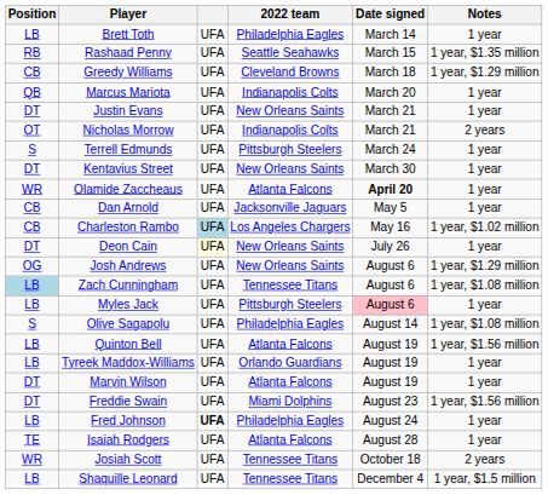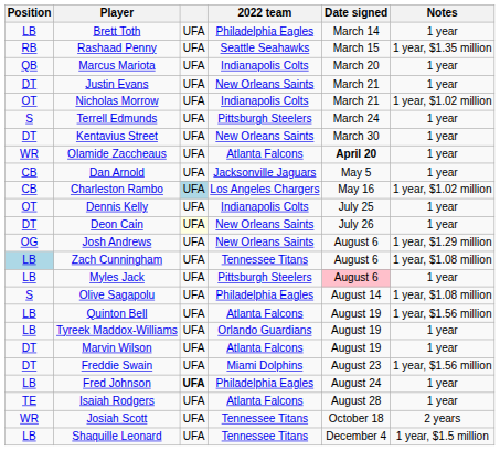 <table class="wikitable" style="text-align:center">
 <tr>
 <th>Position</th>
 <th>Player</th>
 <th></th>
 <th>2022 team</th>
 <th>Date signed</th>
 <th>Notes</th>
 </tr>
 <tr>
 <td><a href='#'>LB</a></td>
 <td><a href='#'>Brett Toth</a></td>
 <td>UFA</td>
 <td><a href='#'>Philadelphia Eagles</a></td>
 <td>March 14</td>
 <td>1 year</td>
 </tr>
 <tr>
 <td><a href='#'>RB</a></td>
 <td><a href='#'>Rashaad Penny</a></td>
 <td>UFA</td>
 <td><a href='#'>Seattle Seahawks</a></td>
 <td>March 15</td>
 <td>1 year, $1.35 million</td>
 </tr>
 <tr>
-<td><a href='#'>CB</a></td>
-<td><a href='#'>Greedy Williams</a></td>
-<td>UFA</td>
-<td><a href='#'>Cleveland Browns</a></td>
-<td>March 18</td>
-<td>1 year, $1.29 million</td>
-</tr>
-<tr>
 <td><a href='#'>QB</a></td>
 <td><a href='#'>Marcus Mariota</a></td>
 <td>UFA</td>
 <td><a href='#'>Indianapolis Colts</a></td>
 <td>March 20</td>
 <td>1 year</td>
 </tr>
 <tr>
 <td><a href='#'>DT</a></td>
 <td><a href='#'>Justin Evans</a></td>
 <td>UFA</td>
 <td><a href='#'>New Orleans Saints</a></td>
 <td>March 21</td>
 <td>1 year</td>
 </tr>
 <tr>
 <td><a href='#'>OT</a></td>
 <td><a href='#'>Nicholas Morrow</a></td>
 <td>UFA</td>
 <td><a href='#'>Indianapolis Colts</a></td>
 <td>March 21</td>
-<td>2 years</td>
+<td>1 year, $1.02 million</td>
 </tr>
 <tr>
 <td><a href='#'>S</a></td>
 <td><a href='#'>Terrell Edmunds</a></td>
 <td>UFA</td>
 <td><a href='#'>Pittsburgh Steelers</a></td>
 <td>March 24</td>
 <td>1 year</td>
 </tr>
 <tr>
 <td><a href='#'>DT</a></td>
 <td><a href='#'>Kentavius Street</a></td>
 <td>UFA</td>
 <td><a href='#'>New Orleans Saints</a></td>
 <td>March 30</td>
 <td>1 year</td>
 </tr>
 <tr>
 <td><a href='#'>WR</a></td>
 <td><a href='#'>Olamide Zaccheaus</a></td>
 <td>UFA</td>
 <td><a href='#'>Atlanta Falcons</a></td>
 <td><strong>April 20</strong></td>
 <td>1 year</td>
 </tr>
 <tr>
 <td><a href='#'>CB</a></td>
 <td><a href='#'>Dan Arnold</a></td>
 <td>UFA</td>
 <td><a href='#'>Jacksonville Jaguars</a></td>
 <td>May 5</td>
 <td>1 year</td>
 </tr>
 <tr>
 <td><a href='#'>CB</a></td>
 <td><a href='#'>Charleston Rambo</a></td>
 <td style="background: lightblue;">UFA</td>
 <td><a href='#'>Los Angeles Chargers</a></td>
 <td>May 16</td>
 <td>1 year, $1.02 million</td>
+</tr>
+<tr>
+<td><a href='#'>OT</a></td>
+<td><a href='#'>Dennis Kelly</a></td>
+<td>UFA</td>
+<td><a href='#'>Indianapolis Colts</a></td>
+<td>July 25</td>
+<td>1 year</td>
 </tr>
 <tr>
 <td><a href='#'>DT</a></td>
 <td><a href='#'>Deon Cain</a></td>
 <td style="background: lightyellow;">UFA</td>
 <td><a href='#'>New Orleans Saints</a></td>
 <td>July 26</td>
 <td>1 year</td>
 </tr>
 <tr>
 <td><a href='#'>OG</a></td>
 <td><a href='#'>Josh Andrews</a></td>
 <td>UFA</td>
 <td><a href='#'>New Orleans Saints</a></td>
 <td>August 6</td>
 <td>1 year, $1.29 million</td>
 </tr>
 <tr>
 <td style="background: lightblue;"><a href='#'>LB</a></td>
 <td><a href='#'>Zach Cunningham</a></td>
 <td>UFA</td>
 <td><a href='#'>Tennessee Titans</a></td>
 <td>August 6</td>
 <td>1 year, $1.08 million</td>
 </tr>
 <tr>
 <td><a href='#'>LB</a></td>
 <td><a href='#'>Myles Jack</a></td>
 <td>UFA</td>
 <td><a href='#'>Pittsburgh Steelers</a></td>
 <td style="background: pink;">August 6</td>
 <td>1 year</td>
 </tr>
 <tr>
 <td><a href='#'>S</a></td>
 <td><a href='#'>Olive Sagapolu</a></td>
 <td>UFA</td>
 <td><a href='#'>Philadelphia Eagles</a></td>
 <td>August 14</td>
 <td>1 year, $1.08 million</td>
 </tr>
 <tr>
 <td><a href='#'>LB</a></td>
 <td><a href='#'>Quinton Bell</a></td>
 <td>UFA</td>
 <td><a href='#'>Atlanta Falcons</a></td>
 <td>August 19</td>
 <td>1 year, $1.56 million</td>
 </tr>
 <tr>
 <td><a href='#'>LB</a></td>
 <td><a href='#'>Tyreek Maddox-Williams</a></td>
 <td>UFA</td>
 <td><a href='#'>Orlando Guardians</a></td>
 <td>August 19</td>
 <td>1 year</td>
 </tr>
 <tr>
 <td><a href='#'>DT</a></td>
 <td><a href='#'>Marvin Wilson</a></td>
 <td>UFA</td>
 <td><a href='#'>Atlanta Falcons</a></td>
 <td>August 19</td>
 <td>1 year</td>
 </tr>
 <tr>
 <td><a href='#'>DT</a></td>
 <td><a href='#'>Freddie Swain</a></td>
 <td>UFA</td>
 <td><a href='#'>Miami Dolphins</a></td>
 <td>August 23</td>
 <td>1 year, $1.56 million</td>
 </tr>
 <tr>
 <td><a href='#'>LB</a></td>
 <td><a href='#'>Fred Johnson</a></td>
 <td><strong>UFA</strong></td>
 <td><a href='#'>Philadelphia Eagles</a></td>
 <td>August 24</td>
 <td>1 year</td>
 </tr>
 <tr>
 <td><a href='#'>TE</a></td>
 <td><a href='#'>Isaiah Rodgers</a></td>
 <td>UFA</td>
 <td><a href='#'>Atlanta Falcons</a></td>
 <td>August 28</td>
 <td>1 year</td>
 </tr>
 <tr>
 <td><a href='#'>WR</a></td>
 <td><a href='#'>Josiah Scott</a></td>
 <td>UFA</td>
 <td><a href='#'>Tennessee Titans</a></td>
 <td>October 18</td>
 <td>2 years</td>
 </tr>
 <tr>
 <td><a href='#'>LB</a></td>
 <td><a href='#'>Shaquille Leonard</a></td>
 <td>UFA</td>
 <td><a href='#'>Tennessee Titans</a></td>
 <td>December 4</td>
 <td>1 year, $1.5 million</td>
 </tr>
 </table>
